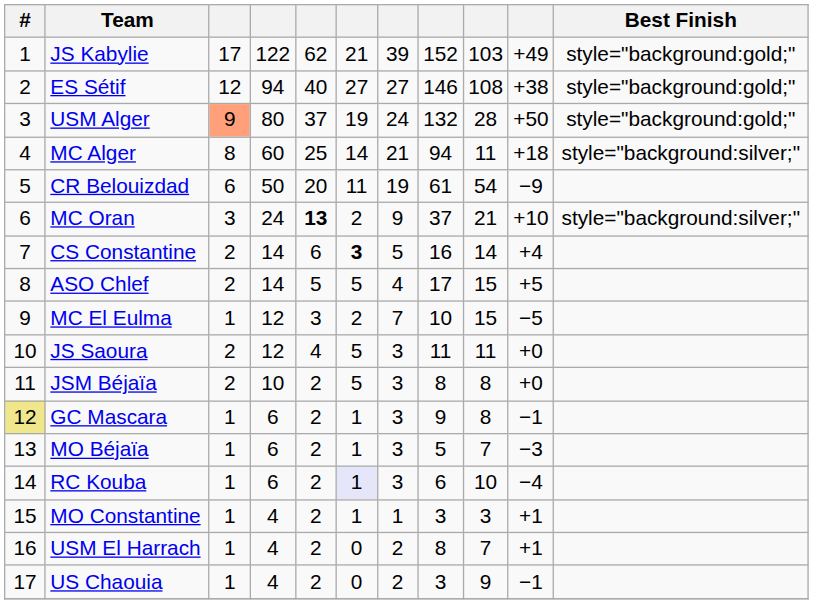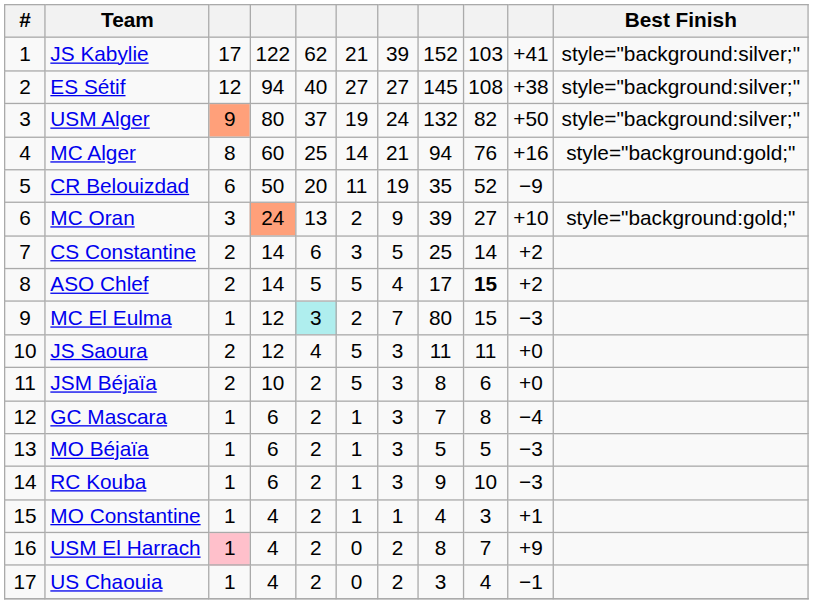 <table width=70% class="wikitable sortable" style="text-align:center">
 <tr>
 <th width=5%>#</th>
 <th width=20%>Team</th>
 <th width=5%></th>
 <th width=5%></th>
 <th width=5%></th>
 <th width=5%></th>
 <th width=5%></th>
 <th width=5%></th>
 <th width=5%></th>
 <th width=5%></th>
 <th width=31%>Best Finish</th>
 </tr>
 <tr>
 <td>1</td>
 <td align=left><a href='#'>JS Kabylie</a></td>
 <td>17</td>
 <td>122</td>
 <td>62</td>
 <td>21</td>
 <td>39</td>
 <td>152</td>
 <td>103</td>
-<td>+49</td>
-<td>style="background:gold;" </td>
+<td>+41</td>
+<td>style="background:silver;" </td>
 </tr>
 <tr>
 <td>2</td>
 <td align=left><a href='#'>ES Sétif</a></td>
 <td>12</td>
 <td>94</td>
 <td>40</td>
 <td>27</td>
 <td>27</td>
-<td>146</td>
+<td>145</td>
 <td>108</td>
 <td>+38</td>
-<td>style="background:gold;" </td>
+<td>style="background:silver;" </td>
 </tr>
 <tr>
 <td>3</td>
 <td align=left><a href='#'>USM Alger</a></td>
 <td style="background: lightsalmon;">9</td>
 <td>80</td>
 <td>37</td>
 <td>19</td>
 <td>24</td>
 <td>132</td>
-<td>28</td>
+<td>82</td>
 <td>+50</td>
-<td>style="background:gold;" </td>
+<td>style="background:silver;" </td>
 </tr>
 <tr>
 <td>4</td>
 <td align=left><a href='#'>MC Alger</a></td>
 <td>8</td>
 <td>60</td>
 <td>25</td>
 <td>14</td>
 <td>21</td>
 <td>94</td>
-<td>11</td>
-<td>+18</td>
-<td>style="background:silver;" </td>
+<td>76</td>
+<td>+16</td>
+<td>style="background:gold;" </td>
 </tr>
 <tr>
 <td>5</td>
 <td align=left><a href='#'>CR Belouizdad</a></td>
 <td>6</td>
 <td>50</td>
 <td>20</td>
 <td>11</td>
 <td>19</td>
-<td>61</td>
-<td>54</td>
+<td>35</td>
+<td>52</td>
 <td>−9</td>
 <td></td>
 </tr>
 <tr>
 <td>6</td>
 <td align=left><a href='#'>MC Oran</a></td>
 <td>3</td>
-<td>24</td>
-<td><strong>13</strong></td>
+<td style="background: lightsalmon;">24</td>
+<td>13</td>
 <td>2</td>
 <td>9</td>
-<td>37</td>
-<td>21</td>
+<td>39</td>
+<td>27</td>
 <td>+10</td>
-<td>style="background:silver;" </td>
+<td>style="background:gold;" </td>
 </tr>
 <tr>
 <td>7</td>
 <td align=left><a href='#'>CS Constantine</a></td>
 <td>2</td>
 <td>14</td>
 <td>6</td>
-<td><strong>3</strong></td>
+<td>3</td>
 <td>5</td>
-<td>16</td>
+<td>25</td>
 <td>14</td>
-<td>+4</td>
+<td>+2</td>
 <td></td>
 </tr>
 <tr>
 <td>8</td>
 <td align=left><a href='#'>ASO Chlef</a></td>
 <td>2</td>
 <td>14</td>
 <td>5</td>
 <td>5</td>
 <td>4</td>
 <td>17</td>
-<td>15</td>
-<td>+5</td>
+<td><strong>15</strong></td>
+<td>+2</td>
 <td></td>
 </tr>
 <tr>
 <td>9</td>
 <td align=left><a href='#'>MC El Eulma</a></td>
 <td>1</td>
 <td>12</td>
-<td>3</td>
+<td style="background: paleturquoise;">3</td>
 <td>2</td>
 <td>7</td>
-<td>10</td>
+<td>80</td>
 <td>15</td>
-<td>−5</td>
+<td>−3</td>
 <td></td>
 </tr>
 <tr>
 <td>10</td>
 <td align=left><a href='#'>JS Saoura</a></td>
 <td>2</td>
 <td>12</td>
 <td>4</td>
 <td>5</td>
 <td>3</td>
 <td>11</td>
 <td>11</td>
 <td>+0</td>
 <td></td>
 </tr>
 <tr>
 <td>11</td>
 <td align=left><a href='#'>JSM Béjaïa</a></td>
 <td>2</td>
 <td>10</td>
 <td>2</td>
 <td>5</td>
 <td>3</td>
 <td>8</td>
-<td>8</td>
+<td>6</td>
 <td>+0</td>
 <td></td>
 </tr>
 <tr>
-<td style="background: khaki;">12</td>
+<td>12</td>
 <td align=left><a href='#'>GC Mascara</a></td>
 <td>1</td>
 <td>6</td>
 <td>2</td>
 <td>1</td>
 <td>3</td>
-<td>9</td>
+<td>7</td>
 <td>8</td>
-<td>−1</td>
+<td>−4</td>
 <td></td>
 </tr>
 <tr>
 <td>13</td>
 <td align=left><a href='#'>MO Béjaïa</a></td>
 <td>1</td>
 <td>6</td>
 <td>2</td>
 <td>1</td>
 <td>3</td>
 <td>5</td>
-<td>7</td>
+<td>5</td>
 <td>−3</td>
 <td></td>
 </tr>
 <tr>
 <td>14</td>
 <td align=left><a href='#'>RC Kouba</a></td>
 <td>1</td>
 <td>6</td>
 <td>2</td>
-<td style="background: lavender;">1</td>
+<td>1</td>
 <td>3</td>
-<td>6</td>
+<td>9</td>
 <td>10</td>
-<td>−4</td>
+<td>−3</td>
 <td></td>
 </tr>
 <tr>
 <td>15</td>
 <td align=left><a href='#'>MO Constantine</a></td>
 <td>1</td>
 <td>4</td>
 <td>2</td>
 <td>1</td>
 <td>1</td>
-<td>3</td>
+<td>4</td>
 <td>3</td>
 <td>+1</td>
 <td></td>
 </tr>
 <tr>
 <td>16</td>
 <td align=left><a href='#'>USM El Harrach</a></td>
-<td>1</td>
+<td style="background: pink;">1</td>
 <td>4</td>
 <td>2</td>
 <td>0</td>
 <td>2</td>
 <td>8</td>
 <td>7</td>
-<td>+1</td>
+<td>+9</td>
 <td></td>
 </tr>
 <tr>
 <td>17</td>
 <td align=left><a href='#'>US Chaouia</a></td>
 <td>1</td>
 <td>4</td>
 <td>2</td>
 <td>0</td>
 <td>2</td>
 <td>3</td>
-<td>9</td>
+<td>4</td>
 <td>−1</td>
 <td></td>
 </tr>
 <tr>
 </tr>
 </table>
